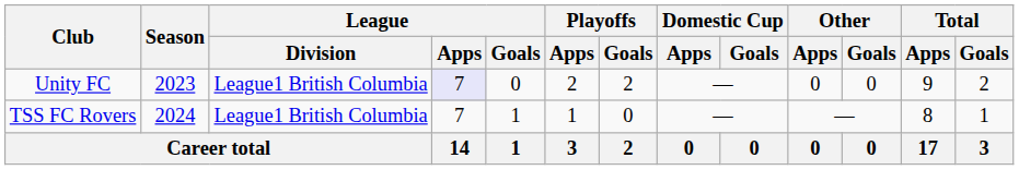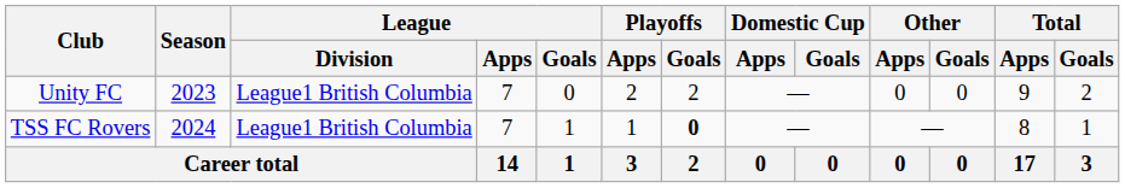 <table class="wikitable" style="text-align: center;">
 <tr>
 <th rowspan="2">Club</th>
 <th rowspan="2">Season</th>
 <th colspan="3">League</th>
 <th colspan="2">Playoffs</th>
 <th colspan="2">Domestic Cup</th>
 <th colspan="2">Other</th>
 <th colspan="2">Total</th>
 </tr>
 <tr>
 <th>Division</th>
 <th>Apps</th>
 <th>Goals</th>
 <th>Apps</th>
 <th>Goals</th>
 <th>Apps</th>
 <th>Goals</th>
 <th>Apps</th>
 <th>Goals</th>
 <th>Apps</th>
 <th>Goals</th>
 </tr>
 <tr>
 <td><a href='#'>Unity FC</a></td>
 <td><a href='#'>2023</a></td>
 <td><a href='#'>League1 British Columbia</a></td>
-<td style="background: lavender;">7</td>
+<td>7</td>
 <td>0</td>
 <td>2</td>
 <td>2</td>
 <td colspan="2">—</td>
 <td>0</td>
 <td>0</td>
 <td>9</td>
 <td>2</td>
 </tr>
 <tr>
 <td><a href='#'>TSS FC Rovers</a></td>
 <td><a href='#'>2024</a></td>
 <td><a href='#'>League1 British Columbia</a></td>
 <td>7</td>
 <td>1</td>
 <td>1</td>
-<td>0</td>
+<td><strong>0</strong></td>
 <td colspan="2">—</td>
 <td colspan="2">—</td>
 <td>8</td>
 <td>1</td>
 </tr>
 <tr>
 <th colspan="3">Career total</th>
 <th>14</th>
 <th>1</th>
 <th>3</th>
 <th>2</th>
 <th>0</th>
 <th>0</th>
 <th>0</th>
 <th>0</th>
 <th>17</th>
 <th>3</th>
 </tr>
 </table>
